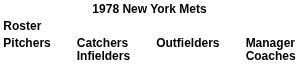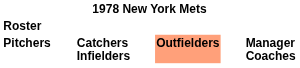 <table class="toccolours" style="font-size: 95%;">
 <tr>
 <th colspan="10">1978 New York Mets</th>
 </tr>
 <tr>
 <td colspan="10"><strong>Roster</strong></td>
 </tr>
 <tr>
 <td valign="top"><strong>Pitchers</strong><br>               </td>
 <td style="width:25px;"></td>
 <td valign="top"><strong>Catchers</strong><br>    <strong>Infielders</strong>      </td>
 <td style="width:25px;"></td>
-<td valign="top"><strong>Outfielders</strong><br>         </td>
+<td valign="top" style="background: lightsalmon;"><strong>Outfielders</strong><br>         </td>
 <td style="width:25px;"></td>
 <td valign="top"><strong>Manager</strong><br> <strong>Coaches</strong>      </td>
 </tr>
 </table>
